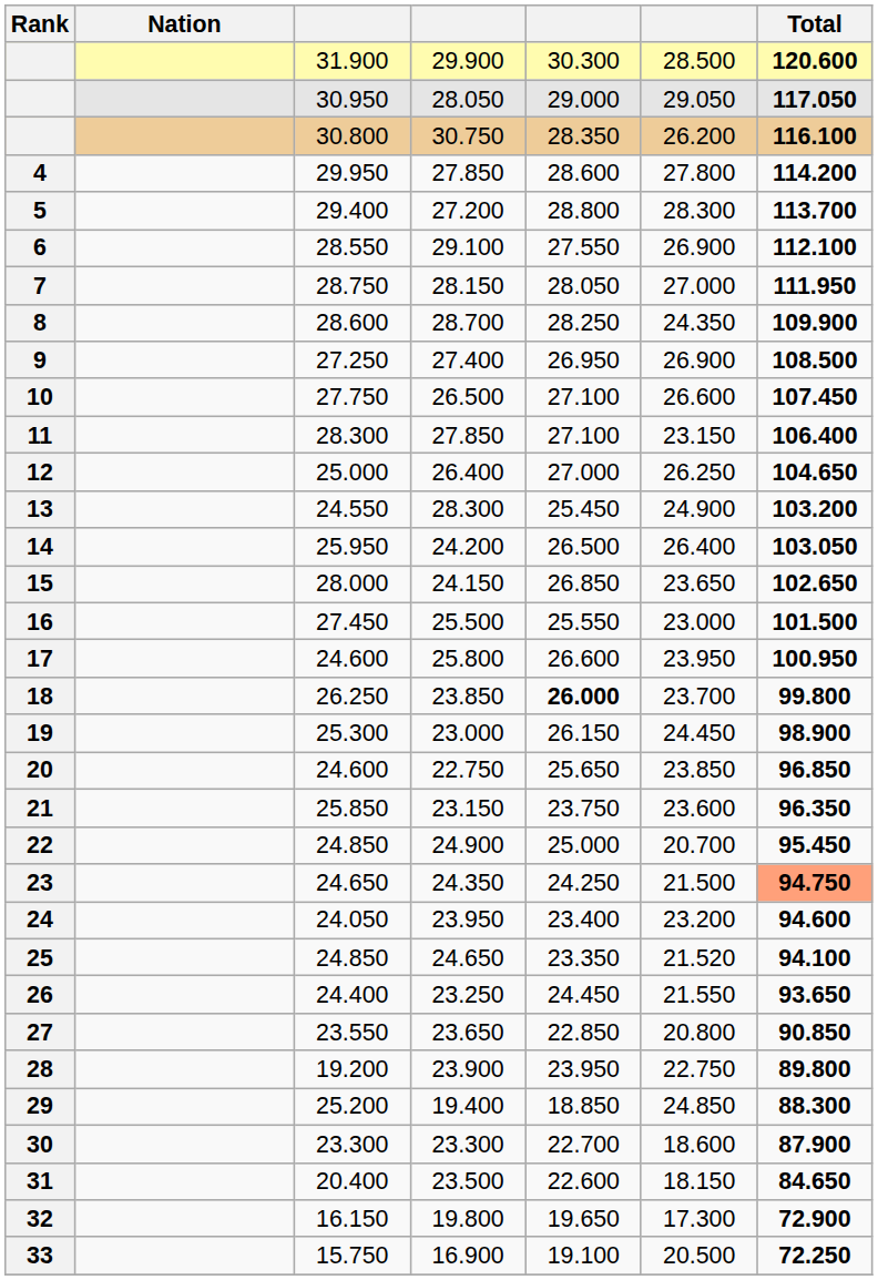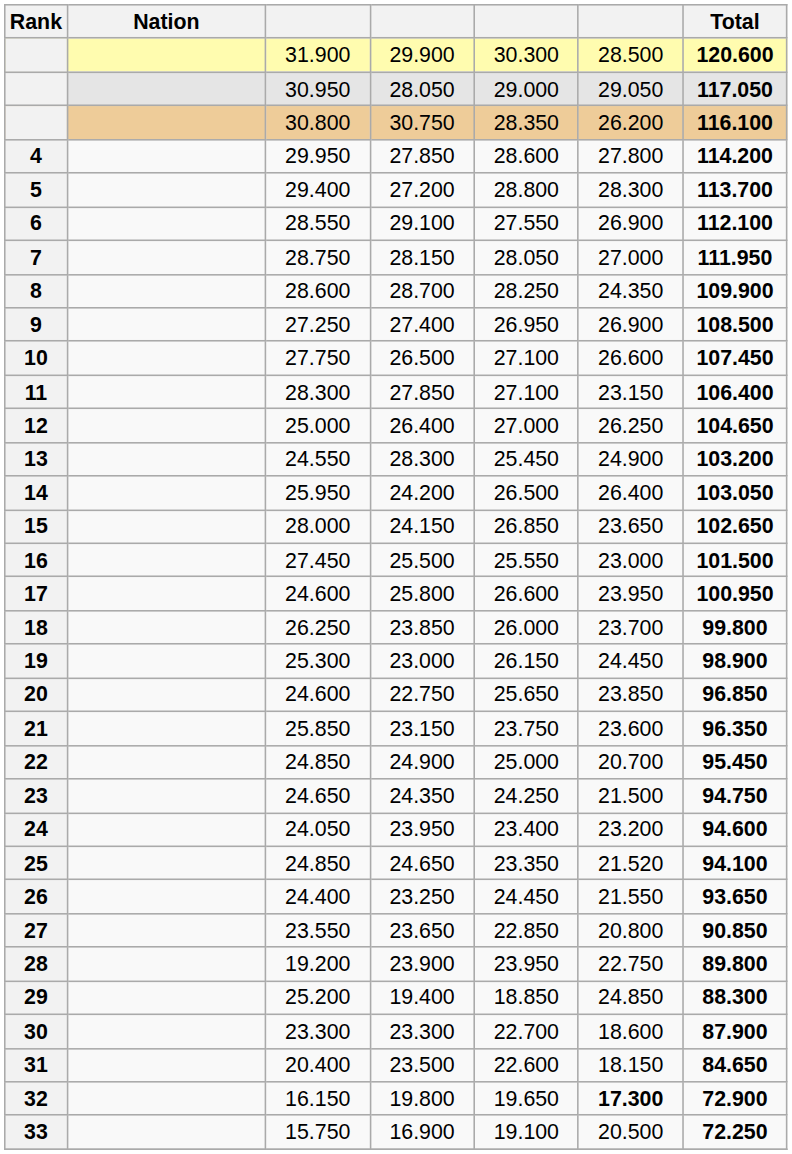 <table class="wikitable sortable" style="text-align:center; font-size:85%">
 <tr>
 <th scope="col" style="width:20px;">Rank</th>
 <th ! scope="col" style="width:120px;">Nation</th>
 <th ! scope="col" style="width:60px;"></th>
 <th ! scope="col" style="width:60px;"></th>
 <th ! scope="col" style="width:60px;"></th>
 <th ! scope="col" style="width:60px;"></th>
 <th ! scope="col" style="width:60px;">Total</th>
 </tr>
 <tr bgcolor=fffcaf>
 <th scope=row></th>
 <td align=left></td>
 <td>31.900</td>
 <td>29.900</td>
 <td>30.300</td>
 <td>28.500</td>
 <td><strong>120.600</strong></td>
 </tr>
 <tr bgcolor=e5e5e5>
 <th scope=row></th>
 <td align=left></td>
 <td>30.950</td>
 <td>28.050</td>
 <td>29.000</td>
 <td>29.050</td>
 <td><strong>117.050</strong></td>
 </tr>
 <tr bgcolor=eecc99>
 <th scope=row></th>
 <td align=left></td>
 <td>30.800</td>
 <td>30.750</td>
 <td>28.350</td>
 <td>26.200</td>
 <td><strong>116.100</strong></td>
 </tr>
 <tr>
 <th scope=row>4</th>
 <td align=left></td>
 <td>29.950</td>
 <td>27.850</td>
 <td>28.600</td>
 <td>27.800</td>
 <td><strong>114.200</strong></td>
 </tr>
 <tr>
 <th scope=row>5</th>
 <td align=left></td>
 <td>29.400</td>
 <td>27.200</td>
 <td>28.800</td>
 <td>28.300</td>
 <td><strong>113.700</strong></td>
 </tr>
 <tr>
 <th scope=row>6</th>
 <td align=left></td>
 <td>28.550</td>
 <td>29.100</td>
 <td>27.550</td>
 <td>26.900</td>
 <td><strong>112.100</strong></td>
 </tr>
 <tr>
 <th scope=row>7</th>
 <td align=left></td>
 <td>28.750</td>
 <td>28.150</td>
 <td>28.050</td>
 <td>27.000</td>
 <td><strong>111.950</strong></td>
 </tr>
 <tr>
 <th scope=row>8</th>
 <td align=left></td>
 <td>28.600</td>
 <td>28.700</td>
 <td>28.250</td>
 <td>24.350</td>
 <td><strong>109.900</strong></td>
 </tr>
 <tr>
 <th scope=row>9</th>
 <td align=left></td>
 <td>27.250</td>
 <td>27.400</td>
 <td>26.950</td>
 <td>26.900</td>
 <td><strong>108.500</strong></td>
 </tr>
 <tr>
 <th scope=row>10</th>
 <td align=left></td>
 <td>27.750</td>
 <td>26.500</td>
 <td>27.100</td>
 <td>26.600</td>
 <td><strong>107.450</strong></td>
 </tr>
 <tr>
 <th scope=row>11</th>
 <td align=left></td>
 <td>28.300</td>
 <td>27.850</td>
 <td>27.100</td>
 <td>23.150</td>
 <td><strong>106.400</strong></td>
 </tr>
 <tr>
 <th scope=row>12</th>
 <td align=left></td>
 <td>25.000</td>
 <td>26.400</td>
 <td>27.000</td>
 <td>26.250</td>
 <td><strong>104.650</strong></td>
 </tr>
 <tr>
 <th scope=row>13</th>
 <td align=left></td>
 <td>24.550</td>
 <td>28.300</td>
 <td>25.450</td>
 <td>24.900</td>
 <td><strong>103.200</strong></td>
 </tr>
 <tr>
 <th scope=row>14</th>
 <td align=left></td>
 <td>25.950</td>
 <td>24.200</td>
 <td>26.500</td>
 <td>26.400</td>
 <td><strong>103.050</strong></td>
 </tr>
 <tr>
 <th scope=row>15</th>
 <td align=left></td>
 <td>28.000</td>
 <td>24.150</td>
 <td>26.850</td>
 <td>23.650</td>
 <td><strong>102.650</strong></td>
 </tr>
 <tr>
 <th scope=row>16</th>
 <td align=left></td>
 <td>27.450</td>
 <td>25.500</td>
 <td>25.550</td>
 <td>23.000</td>
 <td><strong>101.500</strong></td>
 </tr>
 <tr>
 <th scope=row>17</th>
 <td align=left></td>
 <td>24.600</td>
 <td>25.800</td>
 <td>26.600</td>
 <td>23.950</td>
 <td><strong>100.950</strong></td>
 </tr>
 <tr>
 <th scope=row>18</th>
 <td align=left></td>
 <td>26.250</td>
 <td>23.850</td>
-<td><strong>26.000</strong></td>
+<td>26.000</td>
 <td>23.700</td>
 <td><strong>99.800</strong></td>
 </tr>
 <tr>
 <th scope=row>19</th>
 <td align=left></td>
 <td>25.300</td>
 <td>23.000</td>
 <td>26.150</td>
 <td>24.450</td>
 <td><strong>98.900</strong></td>
 </tr>
 <tr>
 <th scope=row>20</th>
 <td align=left></td>
 <td>24.600</td>
 <td>22.750</td>
 <td>25.650</td>
 <td>23.850</td>
 <td><strong>96.850</strong></td>
 </tr>
 <tr>
 <th scope=row>21</th>
 <td align=left></td>
 <td>25.850</td>
 <td>23.150</td>
 <td>23.750</td>
 <td>23.600</td>
 <td><strong>96.350</strong></td>
 </tr>
 <tr>
 <th scope=row>22</th>
 <td align=left></td>
 <td>24.850</td>
 <td>24.900</td>
 <td>25.000</td>
 <td>20.700</td>
 <td><strong>95.450</strong></td>
 </tr>
 <tr>
 <th scope=row>23</th>
 <td align=left></td>
 <td>24.650</td>
 <td>24.350</td>
 <td>24.250</td>
 <td>21.500</td>
-<td style="background: lightsalmon;"><strong>94.750</strong></td>
+<td><strong>94.750</strong></td>
 </tr>
 <tr>
 <th scope=row>24</th>
 <td align=left></td>
 <td>24.050</td>
 <td>23.950</td>
 <td>23.400</td>
 <td>23.200</td>
 <td><strong>94.600</strong></td>
 </tr>
 <tr>
 <th scope=row>25</th>
 <td align=left></td>
 <td>24.850</td>
 <td>24.650</td>
 <td>23.350</td>
 <td>21.520</td>
 <td><strong>94.100</strong></td>
 </tr>
 <tr>
 <th scope=row>26</th>
 <td align=left></td>
 <td>24.400</td>
 <td>23.250</td>
 <td>24.450</td>
 <td>21.550</td>
 <td><strong>93.650</strong></td>
 </tr>
 <tr>
 <th scope=row>27</th>
 <td align=left></td>
 <td>23.550</td>
 <td>23.650</td>
 <td>22.850</td>
 <td>20.800</td>
 <td><strong>90.850</strong></td>
 </tr>
 <tr>
 <th scope=row>28</th>
 <td align=left></td>
 <td>19.200</td>
 <td>23.900</td>
 <td>23.950</td>
 <td>22.750</td>
 <td><strong>89.800</strong></td>
 </tr>
 <tr>
 <th scope=row>29</th>
 <td align=left></td>
 <td>25.200</td>
 <td>19.400</td>
 <td>18.850</td>
 <td>24.850</td>
 <td><strong>88.300</strong></td>
 </tr>
 <tr>
 <th scope=row>30</th>
 <td align=left></td>
 <td>23.300</td>
 <td>23.300</td>
 <td>22.700</td>
 <td>18.600</td>
 <td><strong>87.900</strong></td>
 </tr>
 <tr>
 <th scope=row>31</th>
 <td align=left></td>
 <td>20.400</td>
 <td>23.500</td>
 <td>22.600</td>
 <td>18.150</td>
 <td><strong>84.650</strong></td>
 </tr>
 <tr>
 <th scope=row>32</th>
 <td align=left></td>
 <td>16.150</td>
 <td>19.800</td>
 <td>19.650</td>
-<td>17.300</td>
+<td><strong>17.300</strong></td>
 <td><strong>72.900</strong></td>
 </tr>
 <tr>
 <th scope=row>33</th>
 <td align=left></td>
 <td>15.750</td>
 <td>16.900</td>
 <td>19.100</td>
 <td>20.500</td>
 <td><strong>72.250</strong></td>
 </tr>
 <tr>
 </tr>
 </table>
